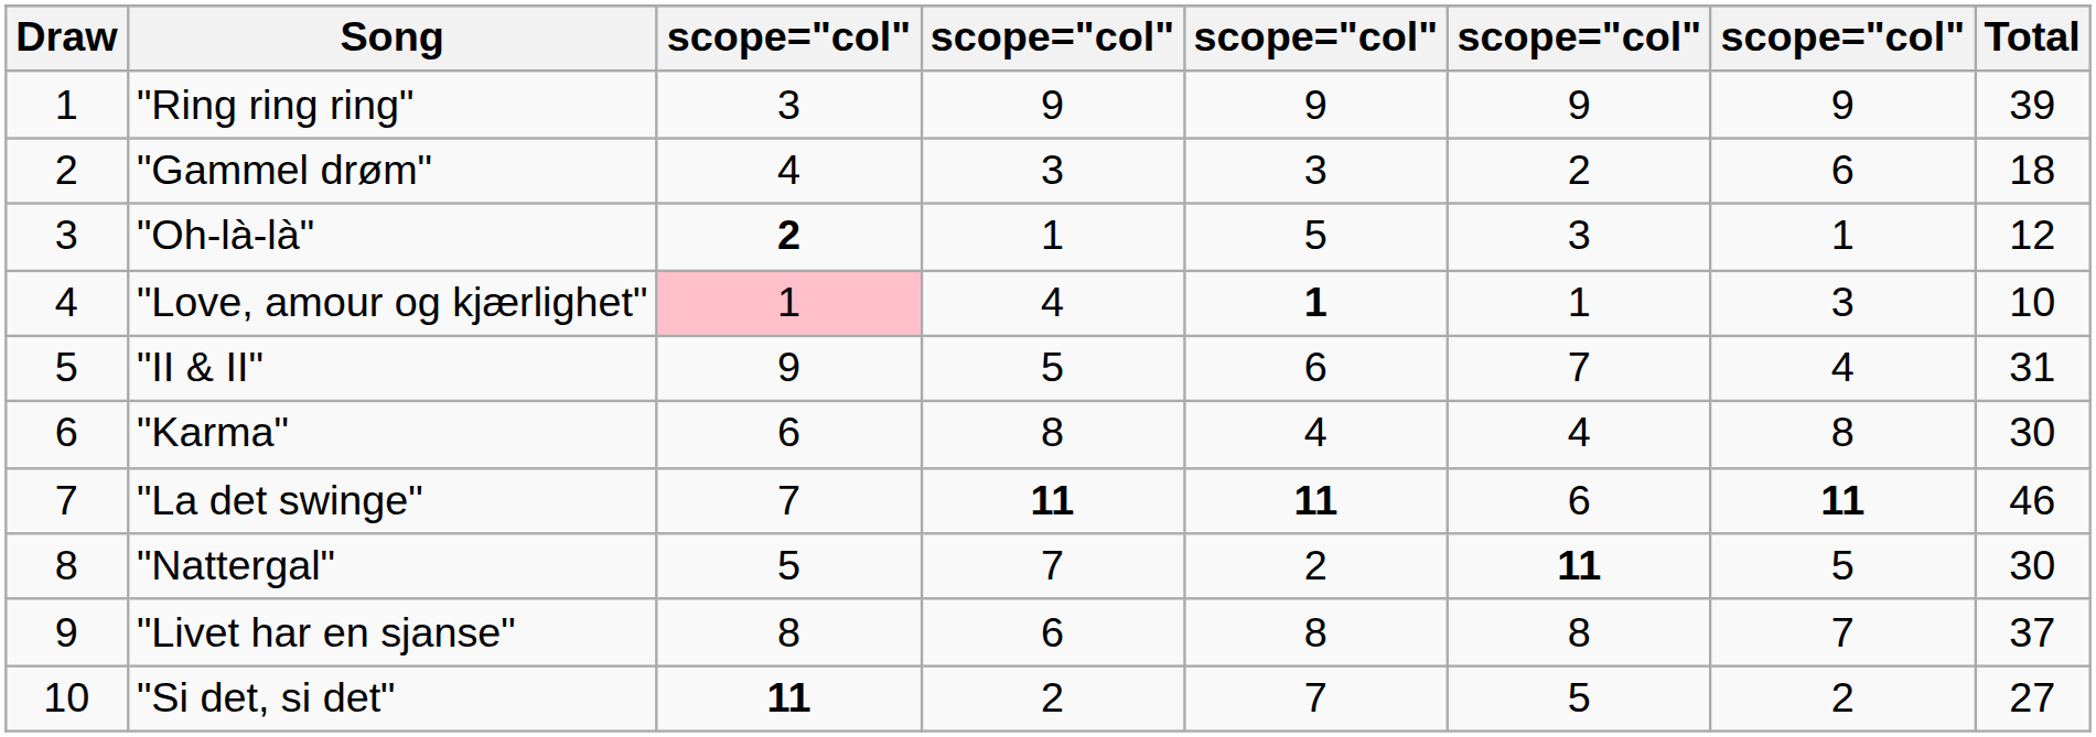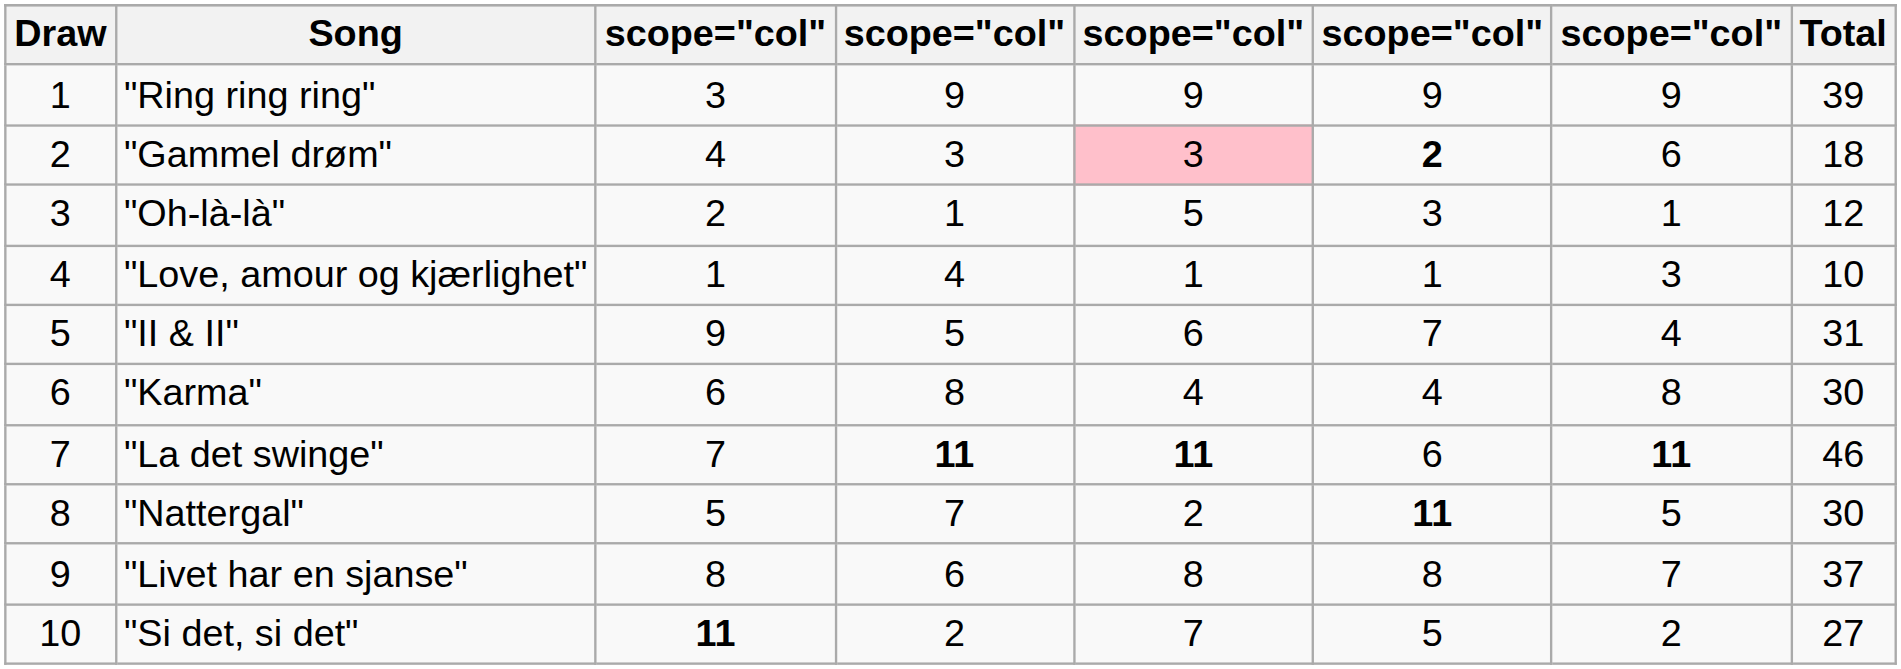 <table class="wikitable plainrowheaders" style="margin: 1em auto 1em auto; text-align:center;">
 <tr>
 </tr>
 <tr>
 <th scope="col">Draw</th>
 <th scope="col">Song</th>
 <th>scope="col" </th>
 <th>scope="col" </th>
 <th>scope="col" </th>
 <th>scope="col" </th>
 <th>scope="col" </th>
 <th scope="col">Total</th>
 </tr>
 <tr>
 <td>1</td>
 <td align="left">"Ring ring ring"</td>
 <td>3</td>
 <td>9</td>
 <td>9</td>
 <td>9</td>
 <td>9</td>
 <td>39</td>
 </tr>
 <tr>
 <td>2</td>
 <td align="left">"Gammel drøm"</td>
 <td>4</td>
 <td>3</td>
-<td>3</td>
-<td>2</td>
+<td style="background: pink;">3</td>
+<td><strong>2</strong></td>
 <td>6</td>
 <td>18</td>
 </tr>
 <tr>
 <td>3</td>
 <td align="left">"Oh-là-là"</td>
-<td><strong>2</strong></td>
+<td>2</td>
 <td>1</td>
 <td>5</td>
 <td>3</td>
 <td>1</td>
 <td>12</td>
 </tr>
 <tr>
 <td>4</td>
 <td align="left">"Love, amour og kjærlighet"</td>
-<td style="background: pink;">1</td>
+<td>1</td>
 <td>4</td>
-<td><strong>1</strong></td>
+<td>1</td>
 <td>1</td>
 <td>3</td>
 <td>10</td>
 </tr>
 <tr>
 <td>5</td>
 <td align="left">"II & II"</td>
 <td>9</td>
 <td>5</td>
 <td>6</td>
 <td>7</td>
 <td>4</td>
 <td>31</td>
 </tr>
 <tr>
 <td>6</td>
 <td align="left">"Karma"</td>
 <td>6</td>
 <td>8</td>
 <td>4</td>
 <td>4</td>
 <td>8</td>
 <td>30</td>
 </tr>
 <tr>
 <td>7</td>
 <td align="left">"La det swinge"</td>
 <td>7</td>
 <td><strong>11</strong></td>
 <td><strong>11</strong></td>
 <td>6</td>
 <td><strong>11</strong></td>
 <td>46</td>
 </tr>
 <tr>
 <td>8</td>
 <td align="left">"Nattergal"</td>
 <td>5</td>
 <td>7</td>
 <td>2</td>
 <td><strong>11</strong></td>
 <td>5</td>
 <td>30</td>
 </tr>
 <tr>
 <td>9</td>
 <td align="left">"Livet har en sjanse"</td>
 <td>8</td>
 <td>6</td>
 <td>8</td>
 <td>8</td>
 <td>7</td>
 <td>37</td>
 </tr>
 <tr>
 <td>10</td>
 <td align="left">"Si det, si det"</td>
 <td><strong>11</strong></td>
 <td>2</td>
 <td>7</td>
 <td>5</td>
 <td>2</td>
 <td>27</td>
 </tr>
 </table>
